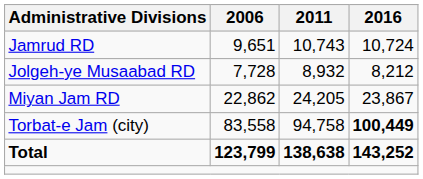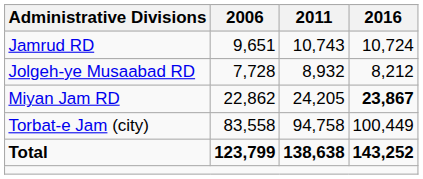 <table class="wikitable">
 <tr>
 <th>Administrative Divisions</th>
 <th>2006</th>
 <th>2011</th>
 <th>2016</th>
 </tr>
 <tr>
 <td><a href='#'>Jamrud RD</a></td>
 <td style="text-align: right;">9,651</td>
 <td style="text-align: right;">10,743</td>
 <td style="text-align: right;">10,724</td>
 </tr>
 <tr>
 <td><a href='#'>Jolgeh-ye Musaabad RD</a></td>
 <td style="text-align: right;">7,728</td>
 <td style="text-align: right;">8,932</td>
 <td style="text-align: right;">8,212</td>
 </tr>
 <tr>
 <td><a href='#'>Miyan Jam RD</a></td>
 <td style="text-align: right;">22,862</td>
 <td style="text-align: right;">24,205</td>
-<td style="text-align: right;">23,867</td>
+<td style="text-align: right;"><strong>23,867</strong></td>
 </tr>
 <tr>
 <td><a href='#'>Torbat-e Jam</a> (city)</td>
 <td style="text-align: right;">83,558</td>
 <td style="text-align: right;">94,758</td>
-<td style="text-align: right;"><strong>100,449</strong></td>
+<td style="text-align: right;">100,449</td>
 </tr>
 <tr>
 <td><strong>Total</strong></td>
 <td style="text-align: right;"><strong>123,799</strong></td>
 <td style="text-align: right;"><strong>138,638</strong></td>
 <td style="text-align: right;"><strong>143,252</strong></td>
 </tr>
 <tr>
 <td colspan=4></td>
 </tr>
 </table>
